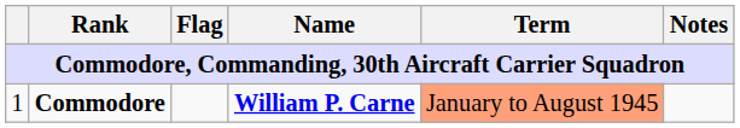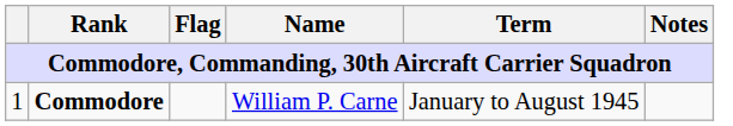 <table class="wikitable">
 <tr>
 <th></th>
 <th>Rank</th>
 <th>Flag</th>
 <th>Name</th>
 <th>Term</th>
 <th>Notes</th>
 </tr>
 <tr>
 <td colspan="6" align="center" style="background:#dcdcfe;"><strong> Commodore, Commanding, 30th Aircraft Carrier Squadron</strong></td>
 </tr>
 <tr>
 <td>1</td>
 <td><strong>Commodore</strong></td>
 <td></td>
-<td><strong><a href='#'>William P. Carne</a></strong></td>
-<td style="background: lightsalmon;">January to August 1945</td>
+<td><a href='#'>William P. Carne</a></td>
+<td>January to August 1945</td>
 <td></td>
 </tr>
 </table>
